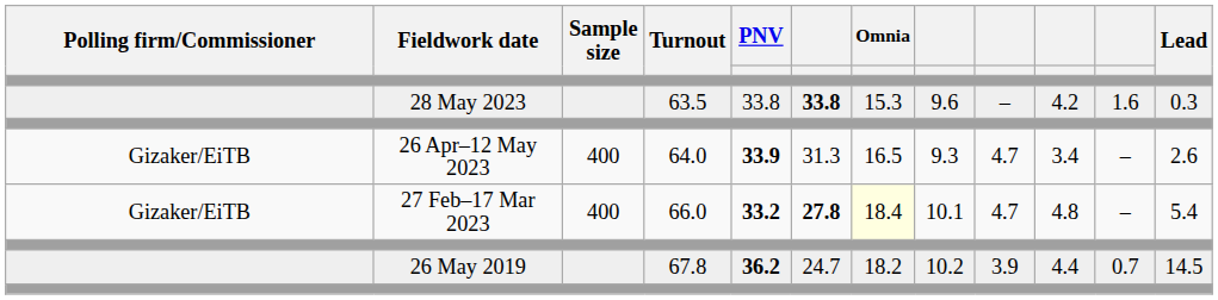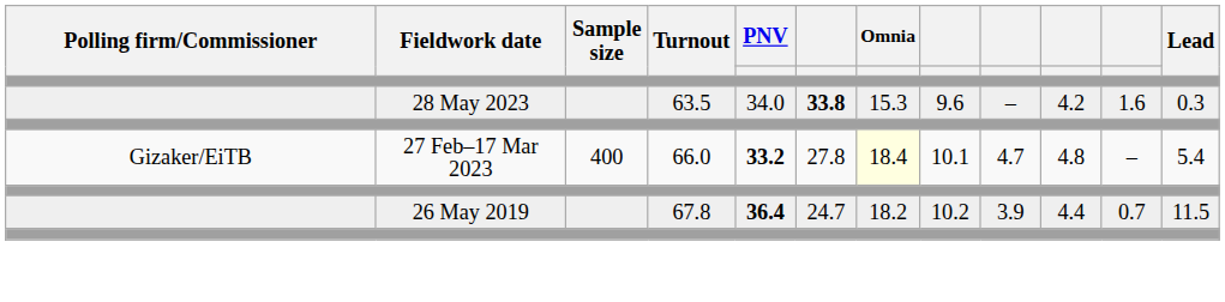 <table class="wikitable collapsible collapsed" style="text-align:center; font-size:95%; line-height:16px;">
 <tr style="height:42px;">
 <th style="width:250px;" rowspan="2">Polling firm/Commissioner</th>
 <th style="width:125px;" rowspan="2">Fieldwork date</th>
 <th style="width:50px;" rowspan="2">Sample size</th>
 <th style="width:45px;" rowspan="2">Turnout</th>
 <th style="width:35px;"><a href='#'>PNV</a></th>
 <th style="width:35px;"></th>
 <th style="width:35px; font-size:85%">Omnia</th>
 <th style="width:35px;"></th>
 <th style="width:35px;"></th>
 <th style="width:35px;"></th>
 <th style="width:35px;"></th>
 <th style="width:30px;" rowspan="2">Lead</th>
 </tr>
 <tr>
 <th style="color:inherit;background:"></th>
 <th style="color:inherit;background:"></th>
 <th style="color:inherit;background:"></th>
 <th style="color:inherit;background:"></th>
 <th style="color:inherit;background:"></th>
 <th style="color:inherit;background:"></th>
 <th style="color:inherit;background:"></th>
 </tr>
 <tr>
 <td colspan="12" style="background:#A0A0A0"></td>
 </tr>
 <tr style="background:#EFEFEF;">
 <td><strong></strong></td>
 <td>28 May 2023</td>
 <td></td>
 <td>63.5</td>
-<td>33.8<br></td>
+<td>34.0<br></td>
 <td><strong>33.8</strong><br></td>
 <td>15.3<br></td>
 <td>9.6<br></td>
 <td>–</td>
 <td>4.2<br></td>
 <td>1.6<br></td>
 <td style="background:">0.3</td>
 </tr>
 <tr>
 <td colspan="12" style="background:#A0A0A0"></td>
 </tr>
 <tr>
 <td>Gizaker/EiTB</td>
-<td>26 Apr–12 May 2023</td>
-<td>400</td>
-<td>64.0</td>
-<td><strong>33.9</strong><br></td>
-<td>31.3<br></td>
-<td>16.5<br></td>
-<td>9.3<br></td>
-<td>4.7<br></td>
-<td>3.4<br></td>
-<td>–</td>
-<td style="background:">2.6</td>
-</tr>
-<tr>
-<td>Gizaker/EiTB</td>
 <td>27 Feb–17 Mar 2023</td>
 <td>400</td>
 <td>66.0</td>
 <td><strong>33.2</strong><br></td>
-<td><strong>27.8<br></strong></td>
+<td>27.8<br></td>
 <td style="background: lightyellow;">18.4<br></td>
 <td>10.1<br></td>
 <td>4.7<br></td>
 <td>4.8<br></td>
 <td>–</td>
 <td style="background:">5.4</td>
 </tr>
 <tr>
 <td colspan="12" style="background:#A0A0A0"></td>
 </tr>
 <tr style="background:#EFEFEF;">
 <td><strong></strong></td>
 <td>26 May 2019</td>
 <td></td>
 <td>67.8</td>
-<td><strong>36.2</strong><br></td>
+<td><strong>36.4</strong><br></td>
 <td>24.7<br></td>
 <td>18.2<br></td>
 <td>10.2<br></td>
 <td>3.9<br></td>
 <td>4.4<br></td>
 <td>0.7<br></td>
-<td style="background:">14.5</td>
+<td style="background:">11.5</td>
 </tr>
 <tr>
 <td colspan="12" style="background:#A0A0A0"></td>
 </tr>
 </table>
